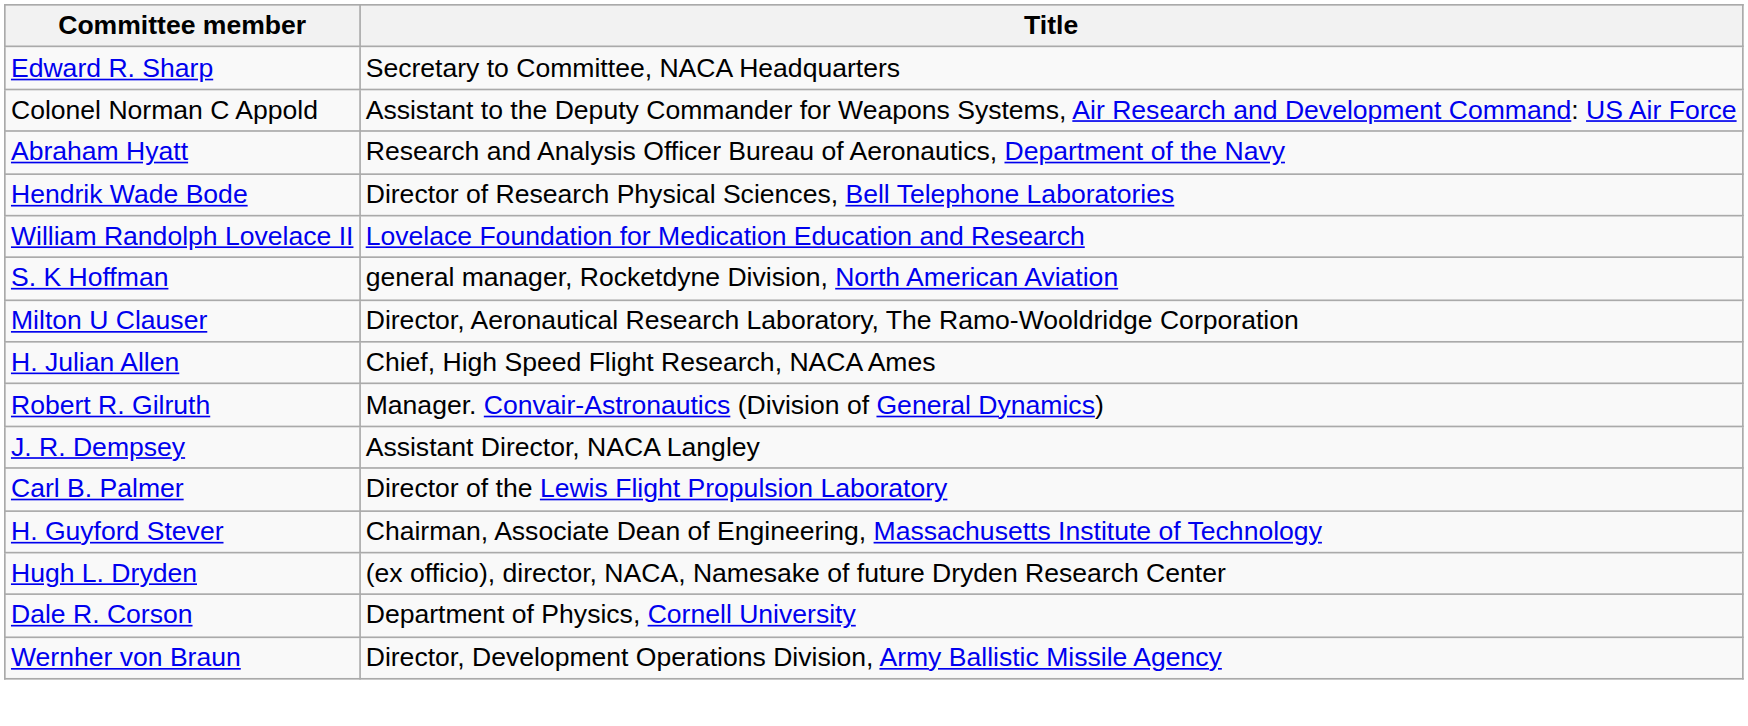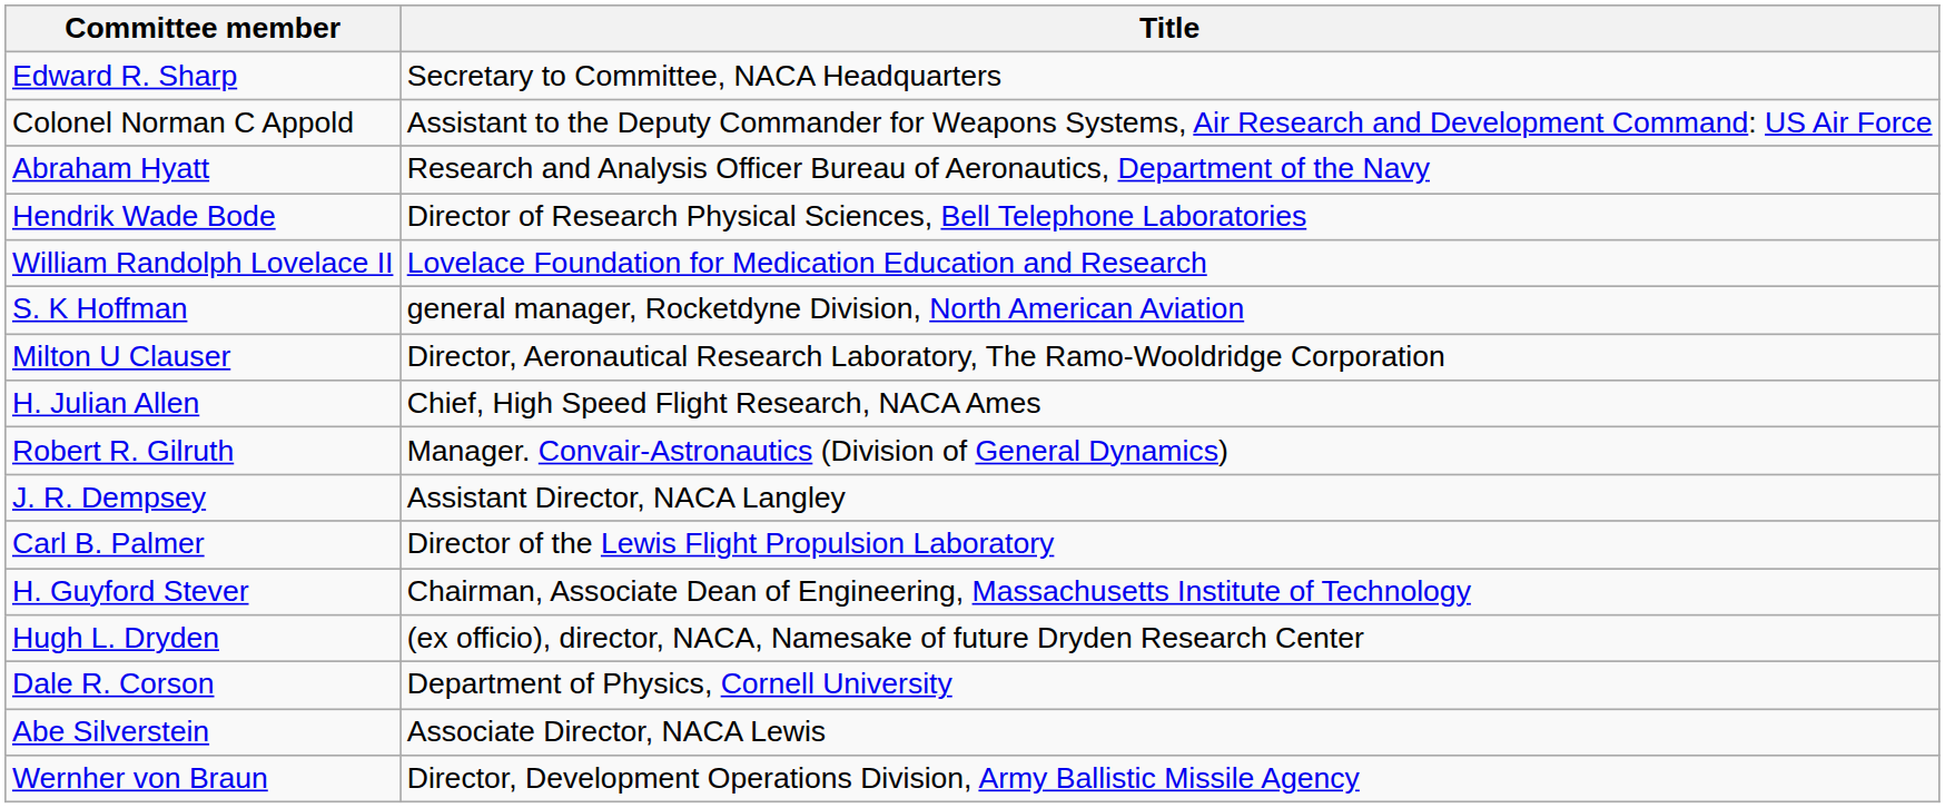 <table class="wikitable">
 <tr>
 <th>Committee member</th>
 <th>Title</th>
 </tr>
 <tr>
 <td><a href='#'>Edward R. Sharp</a></td>
 <td>Secretary to Committee, NACA Headquarters</td>
 </tr>
 <tr>
 <td>Colonel Norman C Appold</td>
 <td>Assistant to the Deputy Commander for Weapons Systems, <a href='#'>Air Research and Development Command</a>: <a href='#'>US Air Force</a></td>
 </tr>
 <tr>
 <td><a href='#'>Abraham Hyatt</a></td>
 <td>Research and Analysis Officer Bureau of Aeronautics, <a href='#'>Department of the Navy</a></td>
 </tr>
 <tr>
 <td><a href='#'>Hendrik Wade Bode</a></td>
 <td>Director of Research Physical Sciences, <a href='#'>Bell Telephone Laboratories</a></td>
 </tr>
 <tr>
 <td><a href='#'>William Randolph Lovelace II</a></td>
 <td><a href='#'>Lovelace   Foundation for Medication Education and Research</a></td>
 </tr>
 <tr>
 <td><a href='#'>S. K Hoffman</a></td>
 <td>general manager, Rocketdyne Division, <a href='#'>North American Aviation</a></td>
 </tr>
 <tr>
 <td><a href='#'>Milton U Clauser</a></td>
 <td>Director, Aeronautical Research Laboratory, The Ramo-Wooldridge Corporation</td>
 </tr>
 <tr>
 <td><a href='#'>H. Julian Allen</a></td>
 <td>Chief, High Speed Flight Research, NACA Ames</td>
 </tr>
 <tr>
 <td><a href='#'>Robert R. Gilruth</a></td>
 <td>Manager. <a href='#'>Convair-Astronautics</a> (Division of <a href='#'>General Dynamics</a>)</td>
 </tr>
 <tr>
 <td><a href='#'>J. R. Dempsey</a></td>
 <td>Assistant Director, NACA Langley</td>
 </tr>
 <tr>
 <td><a href='#'>Carl B. Palmer</a></td>
 <td>Director of the <a href='#'>Lewis Flight Propulsion Laboratory</a></td>
 </tr>
 <tr>
 <td><a href='#'>H. Guyford Stever</a></td>
 <td>Chairman, Associate Dean of Engineering, <a href='#'>Massachusetts Institute of Technology</a></td>
 </tr>
 <tr>
 <td><a href='#'>Hugh L. Dryden</a></td>
 <td>(ex officio), director, NACA, Namesake of future Dryden Research Center</td>
 </tr>
 <tr>
 <td><a href='#'>Dale R. Corson</a></td>
 <td>Department of Physics, <a href='#'>Cornell University</a></td>
 </tr>
 <tr>
+<td><a href='#'>Abe Silverstein</a></td>
+<td>Associate Director, NACA Lewis</td>
+</tr>
+<tr>
 <td><a href='#'>Wernher von Braun</a></td>
 <td>Director, Development Operations Division, <a href='#'>Army Ballistic Missile Agency</a></td>
 </tr>
 </table>
